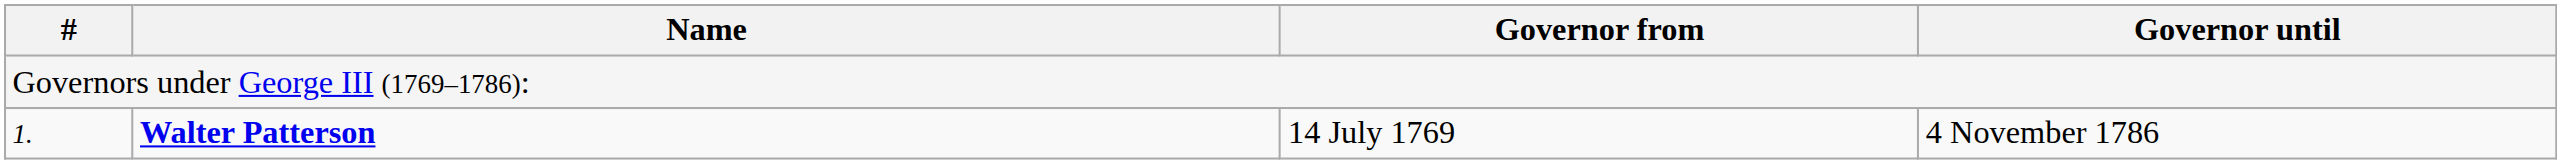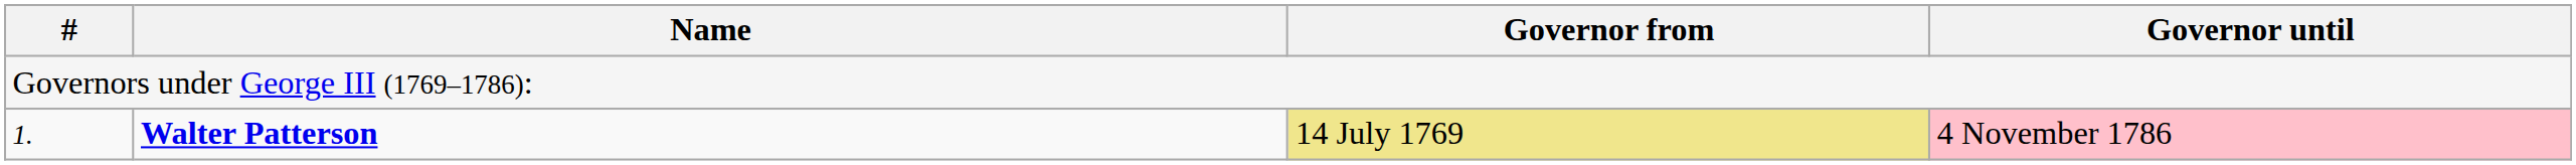 <table class="wikitable" style="width:100%">
 <tr>
 <th width="5%">#</th>
 <th width="45%">Name</th>
 <th width="25%">Governor from</th>
 <th width="25%">Governor until</th>
 </tr>
 <tr bgcolor="#F5F5F5">
 <td colspan="5" align="left"><span>Governors under <a href='#'>George III</a> <small>(1769–1786)</small>:</span></td>
 </tr>
 <tr>
 <td><small><em>1.</em></small></td>
 <td><strong><a href='#'>Walter Patterson</a></strong></td>
-<td>14 July 1769</td>
-<td>4 November 1786</td>
+<td style="background: khaki;">14 July 1769</td>
+<td style="background: pink;">4 November 1786</td>
 </tr>
 </table>
